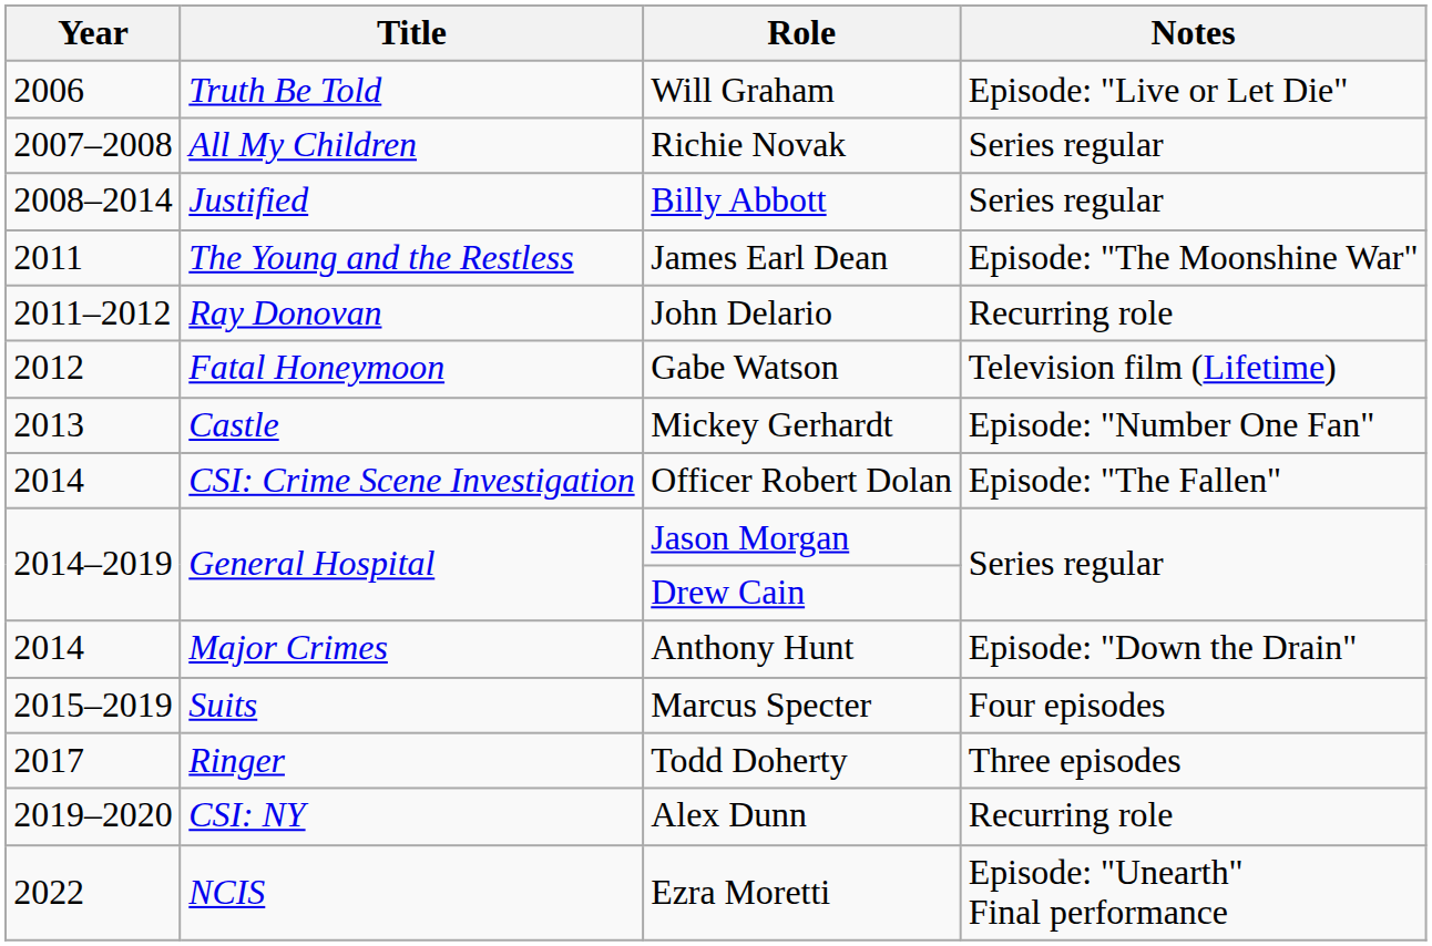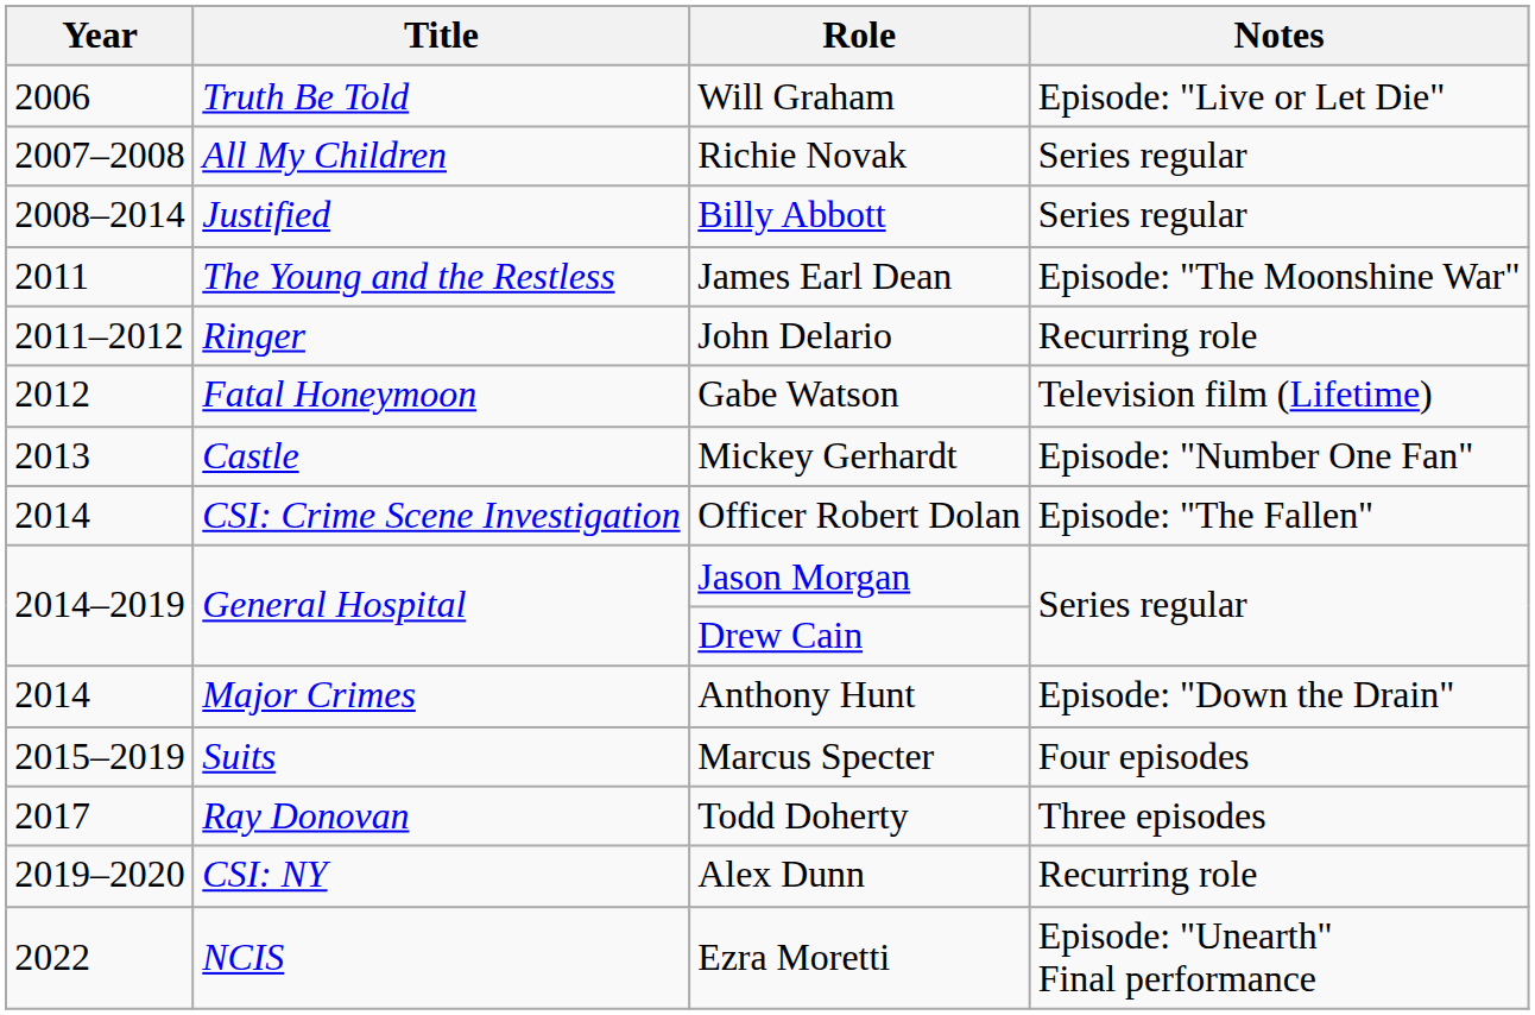 <table class="wikitable sortable plainrowheaders">
 <tr>
 <th scope="col">Year</th>
 <th scope="col">Title</th>
 <th scope="col">Role</th>
 <th scope="col" class="unsortable">Notes</th>
 </tr>
 <tr>
 <td>2006</td>
 <td scope="row"><em><a href='#'>Truth Be Told</a></em></td>
 <td>Will Graham</td>
 <td>Episode: "Live or Let Die"</td>
 </tr>
 <tr>
 <td>2007–2008</td>
 <td scope="row"><em><a href='#'>All My Children</a></em></td>
 <td>Richie Novak</td>
 <td>Series regular</td>
 </tr>
 <tr>
 <td>2008–2014</td>
 <td scope="row"><em><a href='#'>Justified</a></em></td>
 <td><a href='#'>Billy Abbott</a></td>
 <td>Series regular</td>
 </tr>
 <tr>
 <td>2011</td>
 <td scope="row"><em><a href='#'>The Young and the Restless</a></em></td>
 <td>James Earl Dean</td>
 <td>Episode: "The Moonshine War"</td>
 </tr>
 <tr>
 <td>2011–2012</td>
-<td scope="row"><em><a href='#'>Ray Donovan</a></em></td>
+<td scope="row"><em><a href='#'>Ringer</a></em></td>
 <td>John Delario</td>
 <td>Recurring role</td>
 </tr>
 <tr>
 <td>2012</td>
 <td scope="row"><em><a href='#'>Fatal Honeymoon</a></em></td>
 <td>Gabe Watson</td>
 <td>Television film (<a href='#'>Lifetime</a>)</td>
 </tr>
 <tr>
 <td>2013</td>
 <td scope="row"><em><a href='#'>Castle</a></em></td>
 <td>Mickey Gerhardt</td>
 <td>Episode: "Number One Fan"</td>
 </tr>
 <tr>
 <td>2014</td>
 <td scope="row"><em><a href='#'>CSI: Crime Scene Investigation</a></em></td>
 <td>Officer Robert Dolan</td>
 <td>Episode: "The Fallen"</td>
 </tr>
 <tr>
 <td rowspan="2">2014–2019</td>
 <td scope="row" rowspan="2"><em><a href='#'>General Hospital</a></em></td>
 <td><a href='#'>Jason Morgan</a></td>
 <td rowspan="2">Series regular</td>
 </tr>
 <tr>
 <td><a href='#'>Drew Cain</a></td>
 </tr>
 <tr>
 <td>2014</td>
 <td scope="row"><em><a href='#'>Major Crimes</a></em></td>
 <td>Anthony Hunt</td>
 <td>Episode: "Down the Drain"</td>
 </tr>
 <tr>
 <td>2015–2019</td>
 <td scope="row"><em><a href='#'>Suits</a></em></td>
 <td>Marcus Specter</td>
 <td>Four episodes</td>
 </tr>
 <tr>
 <td>2017</td>
-<td scope="row"><em><a href='#'>Ringer</a></em></td>
+<td scope="row"><em><a href='#'>Ray Donovan</a></em></td>
 <td>Todd Doherty</td>
 <td>Three episodes</td>
 </tr>
 <tr>
 <td>2019–2020</td>
 <td scope="row"><em><a href='#'>CSI: NY</a></em></td>
 <td>Alex Dunn</td>
 <td>Recurring role</td>
 </tr>
 <tr>
 <td>2022</td>
 <td scope="row"><em><a href='#'>NCIS</a></em></td>
 <td>Ezra Moretti</td>
 <td>Episode: "Unearth"<br>Final performance</td>
 </tr>
 </table>
